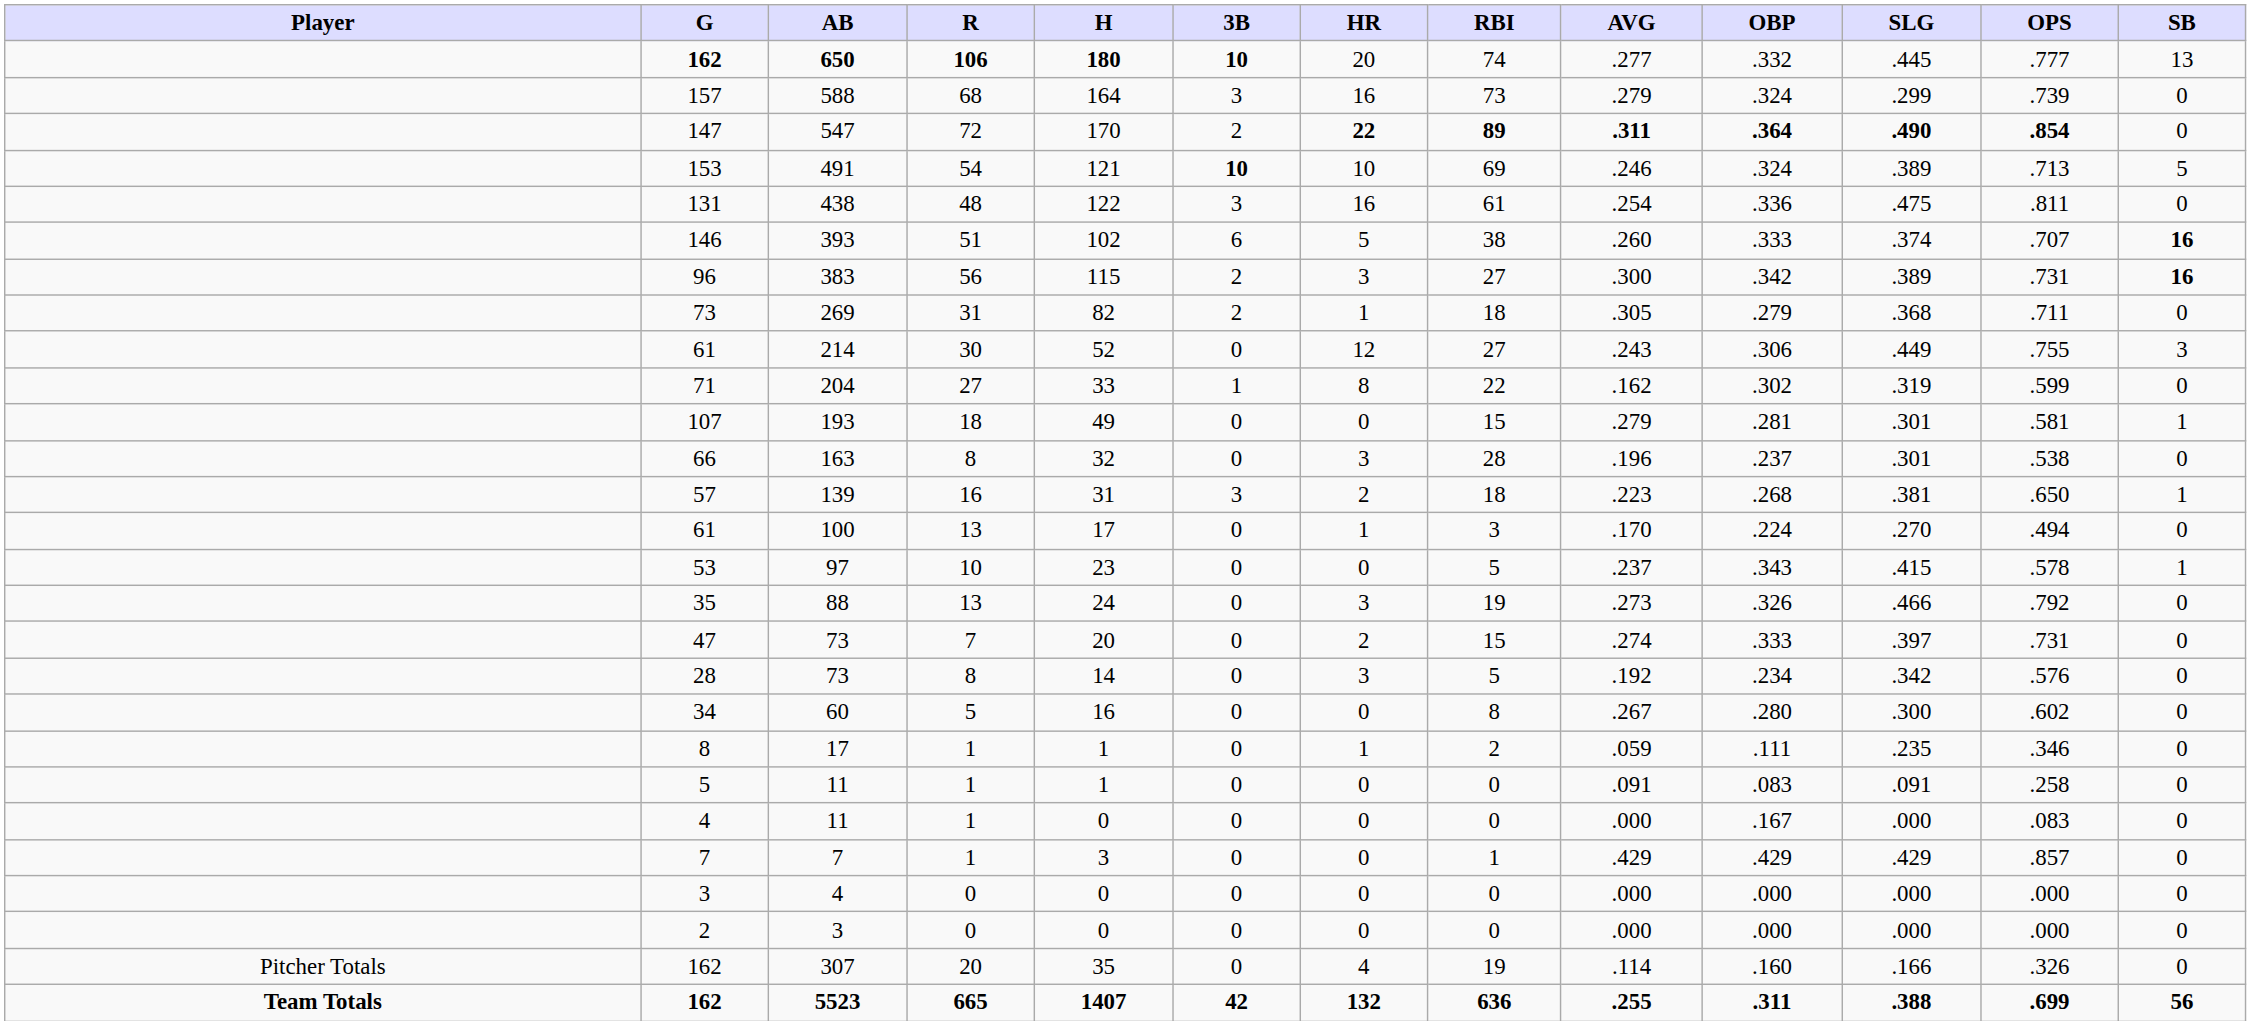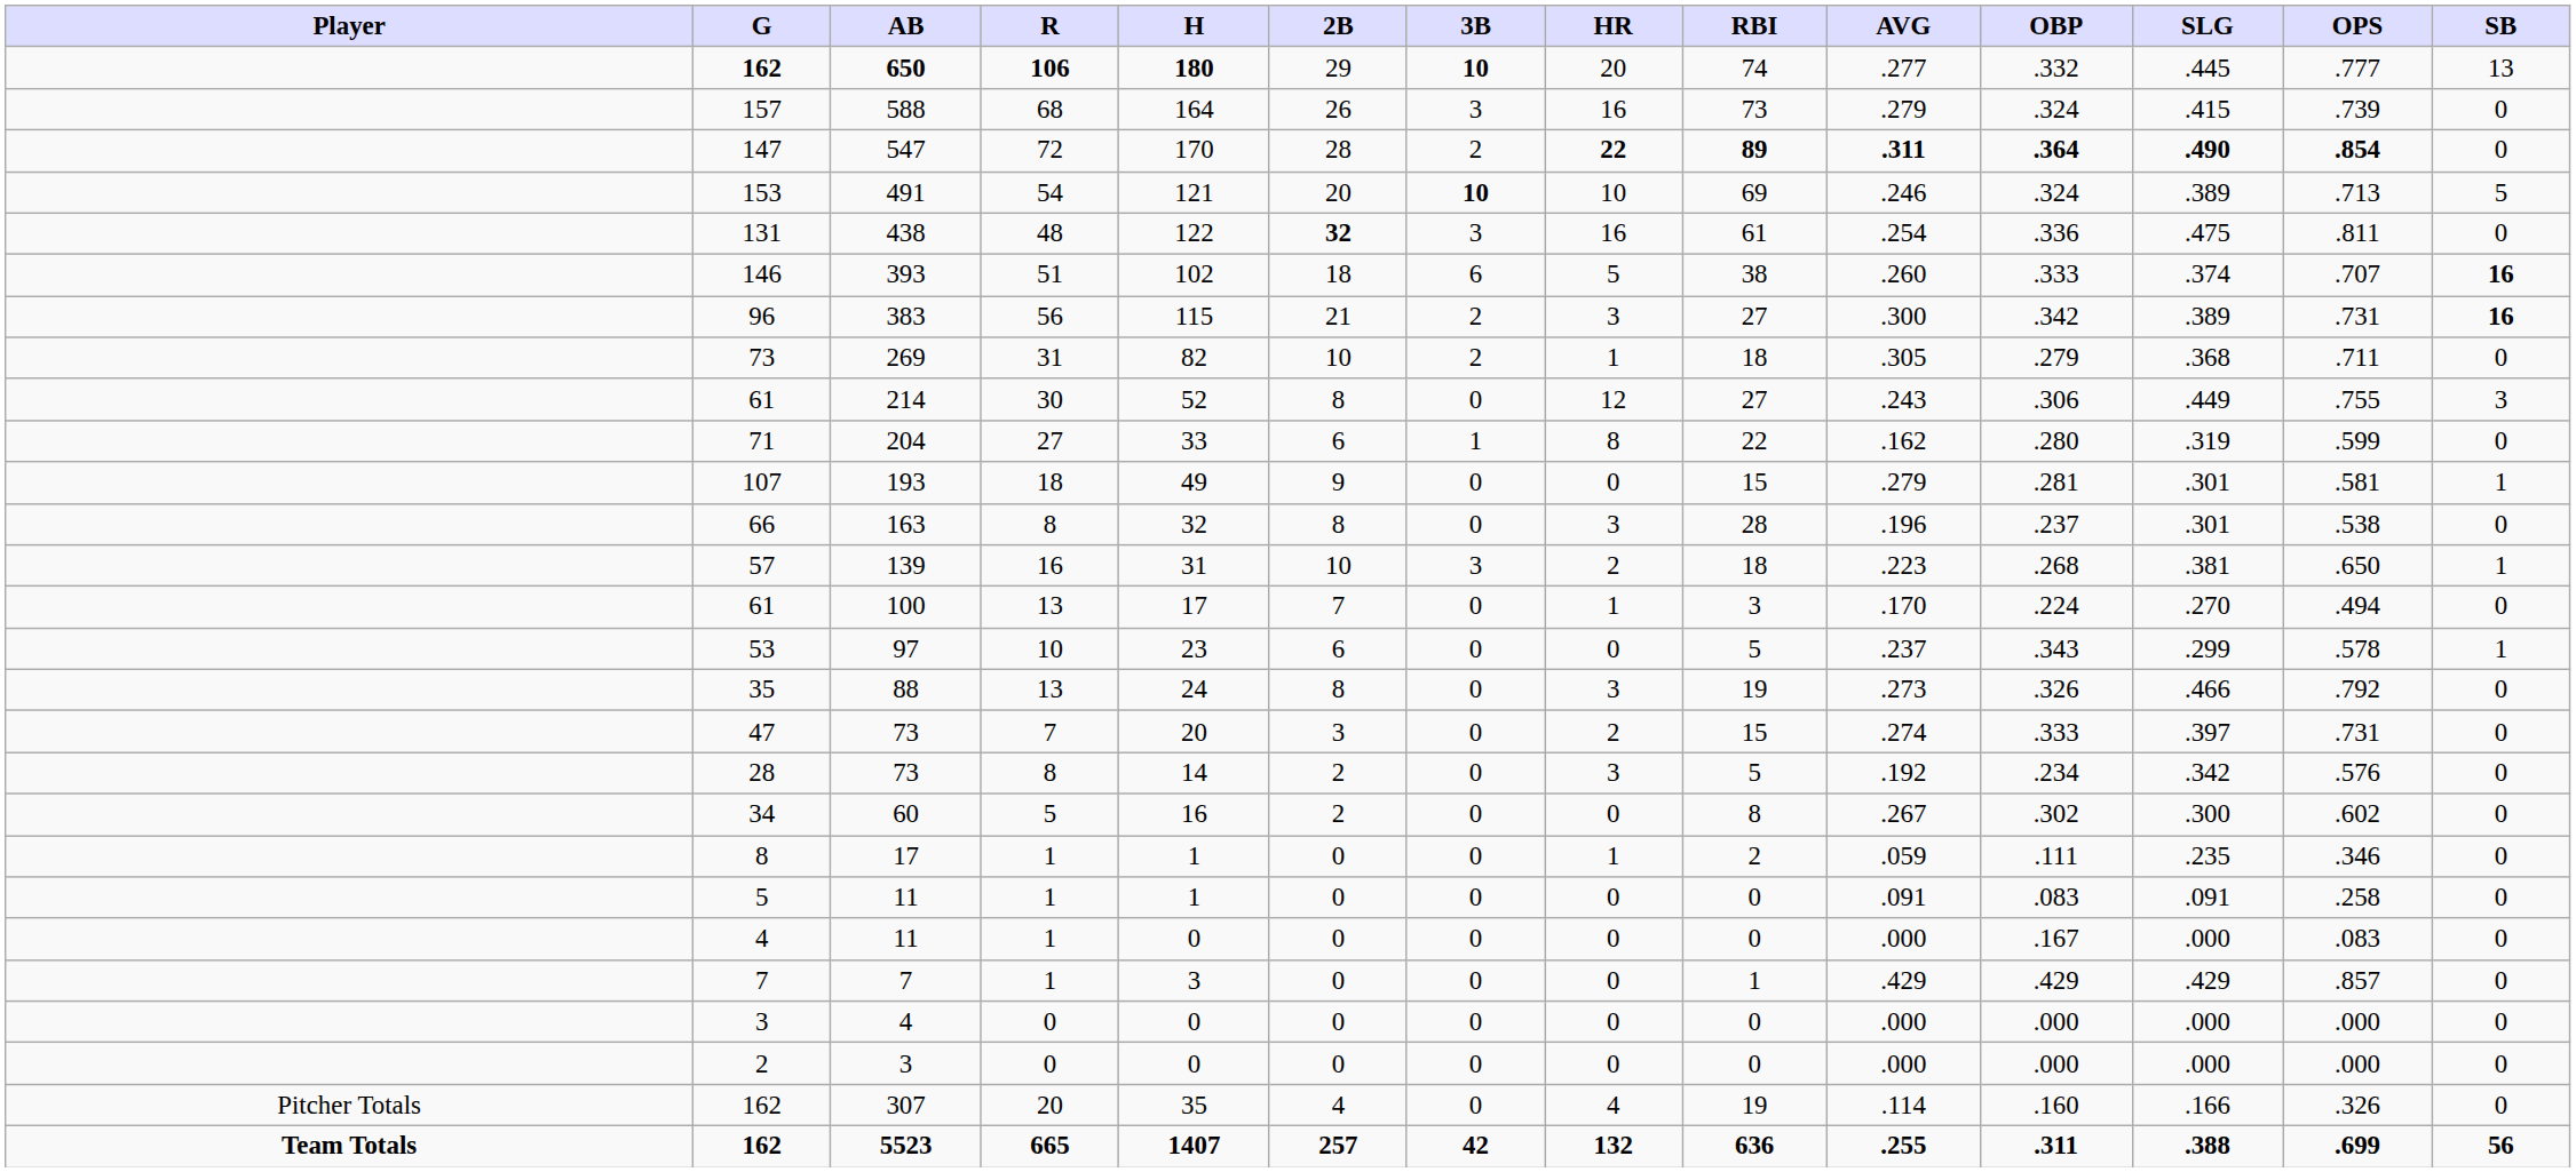 <table class="wikitable sortable" style="text-align:center; border:1px;; cellpadding:2; cellspacing:0;">
 <tr>
 <th style="background:#ddf; width:10%;">Player</th>
 <th style="background:#ddf; width:2%;">G</th>
 <th style="background:#ddf; width:2%;">AB</th>
 <th style="background:#ddf; width:2%;">R</th>
 <th style="background:#ddf; width:2%;">H</th>
+<th style="background:#ddf; width:2%;">2B</th>
 <th style="background:#ddf; width:2%;">3B</th>
 <th style="background:#ddf; width:2%;">HR</th>
 <th style="background:#ddf; width:2%;">RBI</th>
 <th style="background:#ddf; width:2%;">AVG</th>
 <th style="background:#ddf; width:2%;">OBP</th>
 <th style="background:#ddf; width:2%;">SLG</th>
 <th style="background:#ddf; width:2%;">OPS</th>
 <th style="background:#ddf; width:2%;">SB</th>
 </tr>
 <tr>
 <td></td>
 <td><strong>162</strong></td>
 <td><strong>650</strong></td>
 <td><strong>106</strong></td>
 <td><strong>180</strong></td>
+<td>29</td>
 <td><strong>10</strong></td>
 <td>20</td>
 <td>74</td>
 <td>.277</td>
 <td>.332</td>
 <td>.445</td>
 <td>.777</td>
 <td>13</td>
 </tr>
 <tr>
 <td></td>
 <td>157</td>
 <td>588</td>
 <td>68</td>
 <td>164</td>
+<td>26</td>
 <td>3</td>
 <td>16</td>
 <td>73</td>
 <td>.279</td>
 <td>.324</td>
-<td>.299</td>
+<td>.415</td>
 <td>.739</td>
 <td>0</td>
 </tr>
 <tr>
 <td></td>
 <td>147</td>
 <td>547</td>
 <td>72</td>
 <td>170</td>
+<td>28</td>
 <td>2</td>
 <td><strong>22</strong></td>
 <td><strong>89</strong></td>
 <td><strong>.311</strong></td>
 <td><strong>.364</strong></td>
 <td><strong>.490</strong></td>
 <td><strong>.854</strong></td>
 <td>0</td>
 </tr>
 <tr>
 <td></td>
 <td>153</td>
 <td>491</td>
 <td>54</td>
 <td>121</td>
+<td>20</td>
 <td><strong>10</strong></td>
 <td>10</td>
 <td>69</td>
 <td>.246</td>
 <td>.324</td>
 <td>.389</td>
 <td>.713</td>
 <td>5</td>
 </tr>
 <tr>
 <td></td>
 <td>131</td>
 <td>438</td>
 <td>48</td>
 <td>122</td>
+<td><strong>32</strong></td>
 <td>3</td>
 <td>16</td>
 <td>61</td>
 <td>.254</td>
 <td>.336</td>
 <td>.475</td>
 <td>.811</td>
 <td>0</td>
 </tr>
 <tr>
 <td></td>
 <td>146</td>
 <td>393</td>
 <td>51</td>
 <td>102</td>
+<td>18</td>
 <td>6</td>
 <td>5</td>
 <td>38</td>
 <td>.260</td>
 <td>.333</td>
 <td>.374</td>
 <td>.707</td>
 <td><strong>16</strong></td>
 </tr>
 <tr>
 <td></td>
 <td>96</td>
 <td>383</td>
 <td>56</td>
 <td>115</td>
+<td>21</td>
 <td>2</td>
 <td>3</td>
 <td>27</td>
 <td>.300</td>
 <td>.342</td>
 <td>.389</td>
 <td>.731</td>
 <td><strong>16</strong></td>
 </tr>
 <tr>
 <td></td>
 <td>73</td>
 <td>269</td>
 <td>31</td>
 <td>82</td>
+<td>10</td>
 <td>2</td>
 <td>1</td>
 <td>18</td>
 <td>.305</td>
 <td>.279</td>
 <td>.368</td>
 <td>.711</td>
 <td>0</td>
 </tr>
 <tr>
 <td></td>
 <td>61</td>
 <td>214</td>
 <td>30</td>
 <td>52</td>
+<td>8</td>
 <td>0</td>
 <td>12</td>
 <td>27</td>
 <td>.243</td>
 <td>.306</td>
 <td>.449</td>
 <td>.755</td>
 <td>3</td>
 </tr>
 <tr>
 <td></td>
 <td>71</td>
 <td>204</td>
 <td>27</td>
 <td>33</td>
+<td>6</td>
 <td>1</td>
 <td>8</td>
 <td>22</td>
 <td>.162</td>
-<td>.302</td>
+<td>.280</td>
 <td>.319</td>
 <td>.599</td>
 <td>0</td>
 </tr>
 <tr>
 <td></td>
 <td>107</td>
 <td>193</td>
 <td>18</td>
 <td>49</td>
+<td>9</td>
 <td>0</td>
 <td>0</td>
 <td>15</td>
 <td>.279</td>
 <td>.281</td>
 <td>.301</td>
 <td>.581</td>
 <td>1</td>
 </tr>
 <tr>
 <td></td>
 <td>66</td>
 <td>163</td>
 <td>8</td>
 <td>32</td>
+<td>8</td>
 <td>0</td>
 <td>3</td>
 <td>28</td>
 <td>.196</td>
 <td>.237</td>
 <td>.301</td>
 <td>.538</td>
 <td>0</td>
 </tr>
 <tr>
 <td></td>
 <td>57</td>
 <td>139</td>
 <td>16</td>
 <td>31</td>
+<td>10</td>
 <td>3</td>
 <td>2</td>
 <td>18</td>
 <td>.223</td>
 <td>.268</td>
 <td>.381</td>
 <td>.650</td>
 <td>1</td>
 </tr>
 <tr>
 <td></td>
 <td>61</td>
 <td>100</td>
 <td>13</td>
 <td>17</td>
+<td>7</td>
 <td>0</td>
 <td>1</td>
 <td>3</td>
 <td>.170</td>
 <td>.224</td>
 <td>.270</td>
 <td>.494</td>
 <td>0</td>
 </tr>
 <tr>
 <td></td>
 <td>53</td>
 <td>97</td>
 <td>10</td>
 <td>23</td>
+<td>6</td>
 <td>0</td>
 <td>0</td>
 <td>5</td>
 <td>.237</td>
 <td>.343</td>
-<td>.415</td>
+<td>.299</td>
 <td>.578</td>
 <td>1</td>
 </tr>
 <tr>
 <td></td>
 <td>35</td>
 <td>88</td>
 <td>13</td>
 <td>24</td>
+<td>8</td>
 <td>0</td>
 <td>3</td>
 <td>19</td>
 <td>.273</td>
 <td>.326</td>
 <td>.466</td>
 <td>.792</td>
 <td>0</td>
 </tr>
 <tr>
 <td></td>
 <td>47</td>
 <td>73</td>
 <td>7</td>
 <td>20</td>
+<td>3</td>
 <td>0</td>
 <td>2</td>
 <td>15</td>
 <td>.274</td>
 <td>.333</td>
 <td>.397</td>
 <td>.731</td>
 <td>0</td>
 </tr>
 <tr>
 <td></td>
 <td>28</td>
 <td>73</td>
 <td>8</td>
 <td>14</td>
+<td>2</td>
 <td>0</td>
 <td>3</td>
 <td>5</td>
 <td>.192</td>
 <td>.234</td>
 <td>.342</td>
 <td>.576</td>
 <td>0</td>
 </tr>
 <tr>
 <td></td>
 <td>34</td>
 <td>60</td>
 <td>5</td>
 <td>16</td>
+<td>2</td>
 <td>0</td>
 <td>0</td>
 <td>8</td>
 <td>.267</td>
-<td>.280</td>
+<td>.302</td>
 <td>.300</td>
 <td>.602</td>
 <td>0</td>
 </tr>
 <tr>
 <td></td>
 <td>8</td>
 <td>17</td>
 <td>1</td>
 <td>1</td>
+<td>0</td>
 <td>0</td>
 <td>1</td>
 <td>2</td>
 <td>.059</td>
 <td>.111</td>
 <td>.235</td>
 <td>.346</td>
 <td>0</td>
 </tr>
 <tr>
 <td></td>
 <td>5</td>
 <td>11</td>
 <td>1</td>
 <td>1</td>
 <td>0</td>
 <td>0</td>
 <td>0</td>
+<td>0</td>
 <td>.091</td>
 <td>.083</td>
 <td>.091</td>
 <td>.258</td>
 <td>0</td>
 </tr>
 <tr>
 <td></td>
 <td>4</td>
 <td>11</td>
 <td>1</td>
+<td>0</td>
 <td>0</td>
 <td>0</td>
 <td>0</td>
 <td>0</td>
 <td>.000</td>
 <td>.167</td>
 <td>.000</td>
 <td>.083</td>
 <td>0</td>
 </tr>
 <tr>
 <td></td>
 <td>7</td>
 <td>7</td>
 <td>1</td>
 <td>3</td>
 <td>0</td>
 <td>0</td>
+<td>0</td>
 <td>1</td>
 <td>.429</td>
 <td>.429</td>
 <td>.429</td>
 <td>.857</td>
 <td>0</td>
 </tr>
 <tr>
 <td></td>
 <td>3</td>
 <td>4</td>
+<td>0</td>
 <td>0</td>
 <td>0</td>
 <td>0</td>
 <td>0</td>
 <td>0</td>
 <td>.000</td>
 <td>.000</td>
 <td>.000</td>
 <td>.000</td>
 <td>0</td>
 </tr>
 <tr>
 <td></td>
 <td>2</td>
 <td>3</td>
 <td>0</td>
 <td>0</td>
 <td>0</td>
 <td>0</td>
 <td>0</td>
+<td>0</td>
 <td>.000</td>
 <td>.000</td>
 <td>.000</td>
 <td>.000</td>
 <td>0</td>
 </tr>
 <tr>
 <td>Pitcher Totals</td>
 <td>162</td>
 <td>307</td>
 <td>20</td>
 <td>35</td>
+<td>4</td>
 <td>0</td>
 <td>4</td>
 <td>19</td>
 <td>.114</td>
 <td>.160</td>
 <td>.166</td>
 <td>.326</td>
 <td>0</td>
 </tr>
 <tr>
 <td><strong>Team Totals</strong></td>
 <td><strong>162</strong></td>
 <td><strong>5523</strong></td>
 <td><strong>665</strong></td>
 <td><strong>1407</strong></td>
+<td><strong>257</strong></td>
 <td><strong>42</strong></td>
 <td><strong>132</strong></td>
 <td><strong>636</strong></td>
 <td><strong>.255</strong></td>
 <td><strong>.311</strong></td>
 <td><strong>.388</strong></td>
 <td><strong>.699</strong></td>
 <td><strong>56</strong></td>
 </tr>
 </table>
